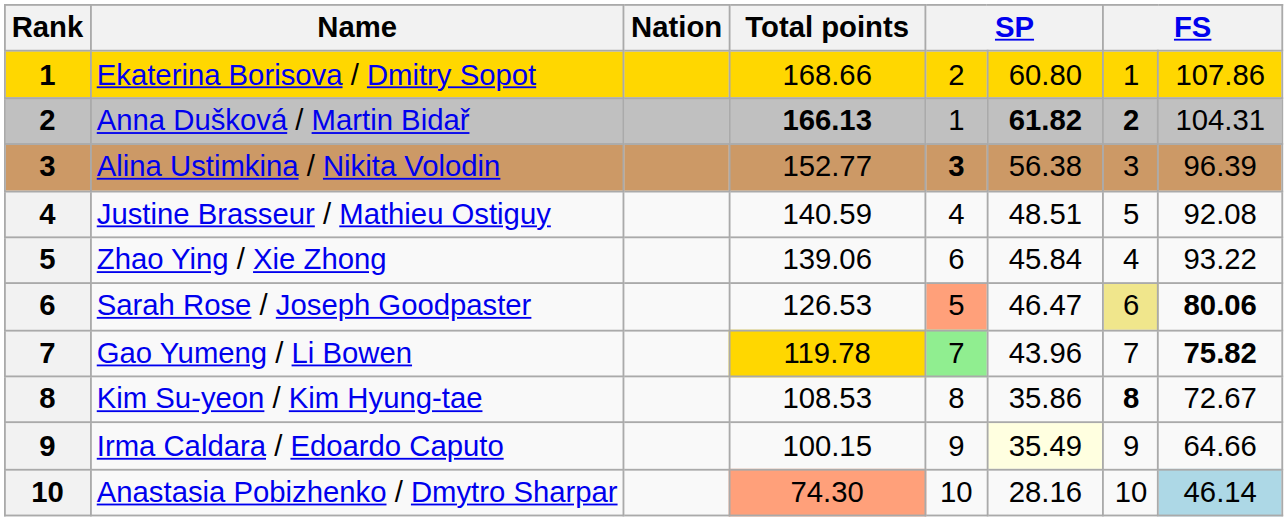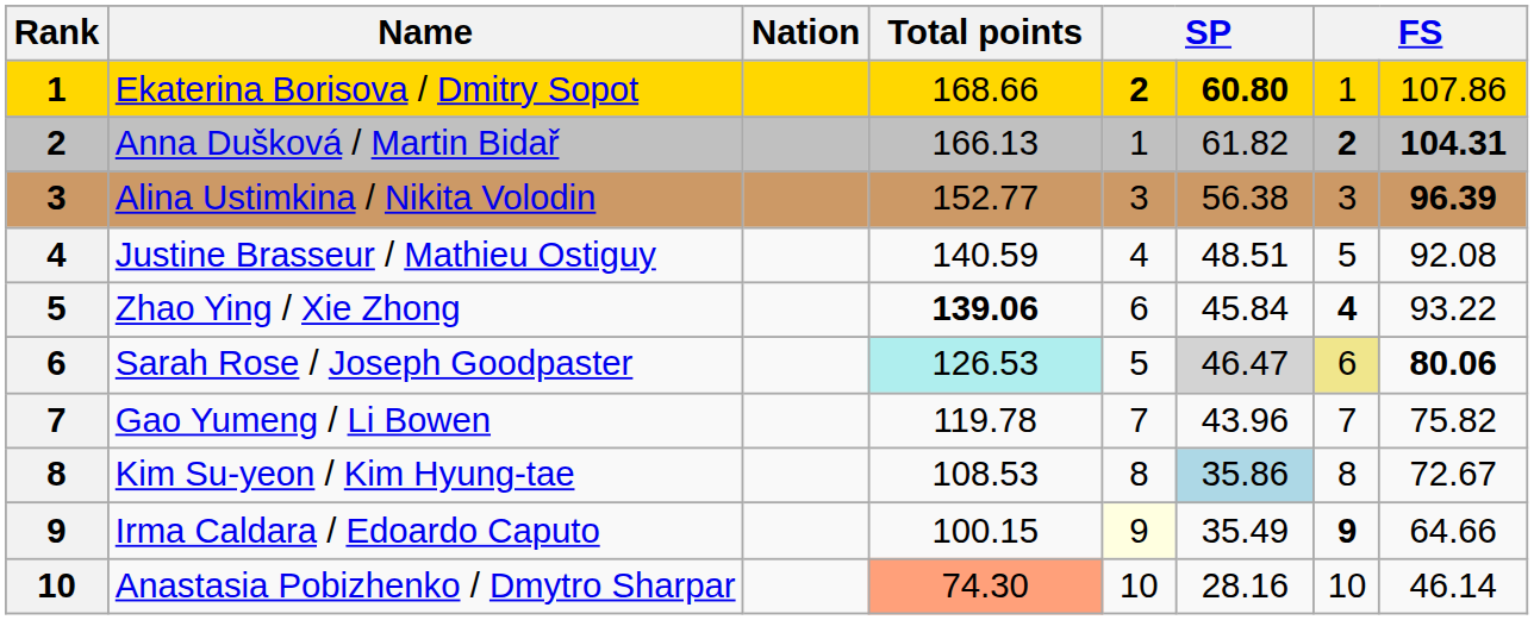 <table class="wikitable sortable">
 <tr>
 <th>Rank</th>
 <th>Name</th>
 <th>Nation</th>
 <th width="100px">Total points</th>
 <th colspan="2" width="90px"><a href='#'>SP</a></th>
 <th colspan="2" width="90px"><a href='#'>FS</a></th>
 </tr>
 <tr bgcolor="gold">
 <td align="center" bgcolor="gold"><strong>1</strong></td>
 <td><a href='#'>Ekaterina Borisova</a> / <a href='#'>Dmitry Sopot</a></td>
 <td></td>
 <td align="center">168.66</td>
-<td align="center">2</td>
-<td align="center">60.80</td>
+<td align="center"><strong>2</strong></td>
+<td align="center"><strong>60.80</strong></td>
 <td align="center">1</td>
 <td align="center">107.86</td>
 </tr>
 <tr bgcolor="silver">
 <td align="center" bgcolor="silver"><strong>2</strong></td>
 <td><a href='#'>Anna Dušková</a> / <a href='#'>Martin Bidař</a></td>
 <td></td>
-<td align="center"><strong>166.13</strong></td>
+<td align="center">166.13</td>
 <td align="center">1</td>
-<td align="center"><strong>61.82</strong></td>
+<td align="center">61.82</td>
 <td align="center"><strong>2</strong></td>
-<td align="center">104.31</td>
+<td align="center"><strong>104.31</strong></td>
 </tr>
 <tr bgcolor="#cc9966">
 <td align="center" bgcolor="#cc9966"><strong>3</strong></td>
 <td><a href='#'>Alina Ustimkina</a> / <a href='#'>Nikita Volodin</a></td>
 <td></td>
 <td align="center">152.77</td>
-<td align="center"><strong>3</strong></td>
+<td align="center">3</td>
 <td align="center">56.38</td>
 <td align="center">3</td>
-<td align="center">96.39</td>
+<td align="center"><strong>96.39</strong></td>
 </tr>
 <tr>
 <th>4</th>
 <td><a href='#'>Justine Brasseur</a> / <a href='#'>Mathieu Ostiguy</a></td>
 <td></td>
 <td align="center">140.59</td>
 <td align="center">4</td>
 <td align="center">48.51</td>
 <td align="center">5</td>
 <td align="center">92.08</td>
 </tr>
 <tr>
 <th>5</th>
 <td><a href='#'>Zhao Ying</a> / <a href='#'>Xie Zhong</a></td>
 <td></td>
-<td align="center">139.06</td>
+<td align="center"><strong>139.06</strong></td>
 <td align="center">6</td>
 <td align="center">45.84</td>
-<td align="center">4</td>
+<td align="center"><strong>4</strong></td>
 <td align="center">93.22</td>
 </tr>
 <tr>
 <th>6</th>
 <td><a href='#'>Sarah Rose</a> / <a href='#'>Joseph Goodpaster</a></td>
 <td></td>
-<td align="center">126.53</td>
-<td align="center" style="background: lightsalmon;">5</td>
-<td align="center">46.47</td>
+<td align="center" style="background: paleturquoise;">126.53</td>
+<td align="center">5</td>
+<td align="center" style="background: lightgrey;">46.47</td>
 <td align="center" style="background: khaki;">6</td>
 <td align="center"><strong>80.06</strong></td>
 </tr>
 <tr>
 <th>7</th>
 <td><a href='#'>Gao Yumeng</a> / <a href='#'>Li Bowen</a></td>
 <td></td>
-<td align="center" style="background: gold;">119.78</td>
-<td align="center" style="background: lightgreen;">7</td>
+<td align="center">119.78</td>
+<td align="center">7</td>
 <td align="center">43.96</td>
 <td align="center">7</td>
-<td align="center"><strong>75.82</strong></td>
+<td align="center">75.82</td>
 </tr>
 <tr>
 <th>8</th>
 <td><a href='#'>Kim Su-yeon</a> / <a href='#'>Kim Hyung-tae</a></td>
 <td></td>
 <td align="center">108.53</td>
 <td align="center">8</td>
-<td align="center">35.86</td>
-<td align="center"><strong>8</strong></td>
+<td align="center" style="background: lightblue;">35.86</td>
+<td align="center">8</td>
 <td align="center">72.67</td>
 </tr>
 <tr>
 <th>9</th>
 <td><a href='#'>Irma Caldara</a> / <a href='#'>Edoardo Caputo</a></td>
 <td></td>
 <td align="center">100.15</td>
-<td align="center">9</td>
-<td align="center" style="background: lightyellow;">35.49</td>
-<td align="center">9</td>
+<td align="center" style="background: lightyellow;">9</td>
+<td align="center">35.49</td>
+<td align="center"><strong>9</strong></td>
 <td align="center">64.66</td>
 </tr>
 <tr>
 <th>10</th>
 <td><a href='#'>Anastasia Pobizhenko</a> / <a href='#'>Dmytro Sharpar</a></td>
 <td></td>
 <td align="center" style="background: lightsalmon;">74.30</td>
 <td align="center">10</td>
 <td align="center">28.16</td>
 <td align="center">10</td>
-<td align="center" style="background: lightblue;">46.14</td>
+<td align="center">46.14</td>
 </tr>
 </table>
